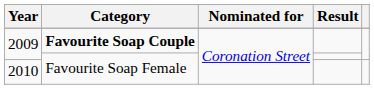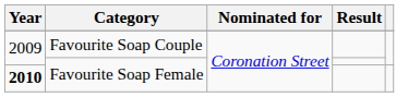 <table class="wikitable plainrowheaders">
 <tr>
 <th scope="col">Year</th>
 <th scope="col">Category</th>
 <th scope="col">Nominated for</th>
 <th scope="col">Result</th>
 <th scope="col"></th>
 </tr>
 <tr>
 </tr>
 <tr>
 <td rowspan = "2" align="center">2009</td>
-<td><strong>Favourite Soap Couple </strong></td>
+<td>Favourite Soap Couple </td>
 <td rowspan = "3"><em><a href='#'>Coronation Street</a></em></td>
 <td></td>
 <td rowspan = "2" align="center"></td>
 </tr>
 <tr>
 <td rowspan = "2">Favourite Soap Female</td>
 <td></td>
 </tr>
 <tr>
-<td align="center">2010</td>
+<td align="center"><strong>2010</strong></td>
 <td></td>
 <td></td>
 </tr>
 </table>
